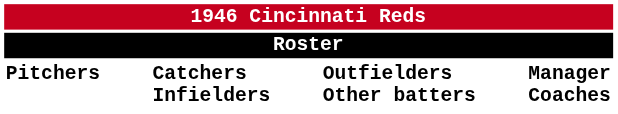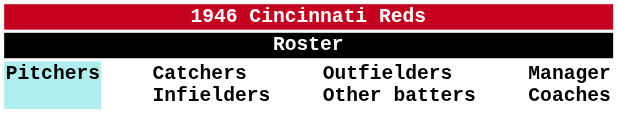 <table class="toccolours" style="font-size: 95%;">
 <tr>
 <th colspan="10" style="background-color: #c6011f; color: white; text-align: center;">1946 Cincinnati Reds</th>
 </tr>
 <tr>
 <td colspan="10" style="background-color: black; color: white; text-align: center;"><strong>Roster</strong></td>
 </tr>
 <tr>
-<td valign="top"><strong>Pitchers</strong><br>             </td>
+<td valign="top" style="background: paleturquoise;"><strong>Pitchers</strong><br>             </td>
 <td width="25px"></td>
 <td valign="top"><strong>Catchers</strong><br>   <strong>Infielders</strong>        </td>
 <td width="25px"></td>
 <td valign="top"><strong>Outfielders</strong><br>         <strong>Other batters</strong> </td>
 <td width="25px"></td>
 <td valign="top"><strong>Manager</strong><br> <strong>Coaches</strong>   </td>
 </tr>
 </table>
